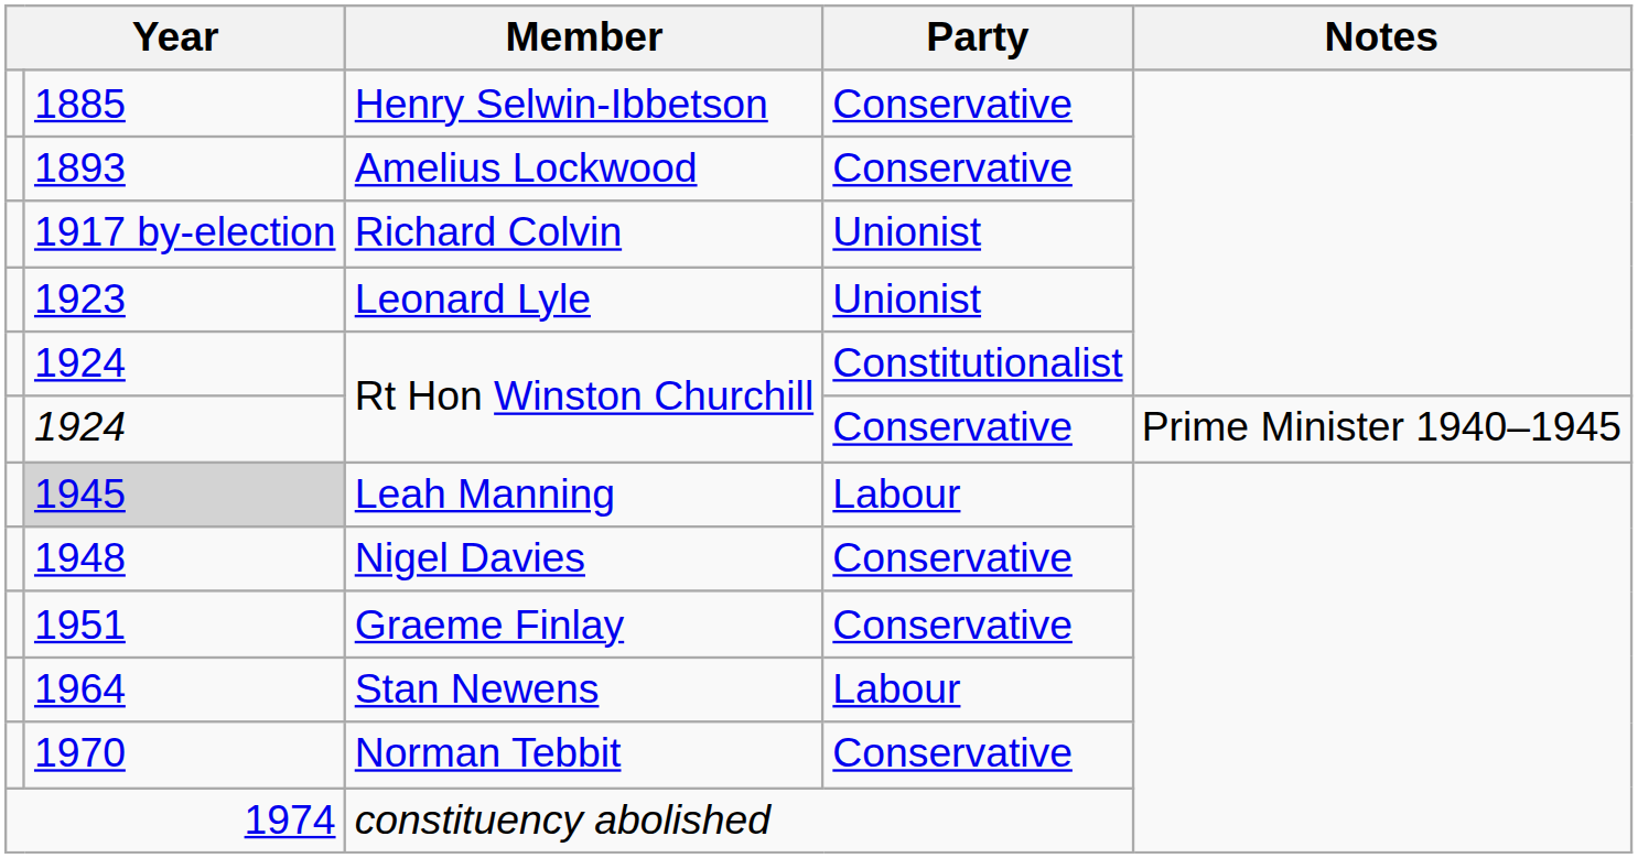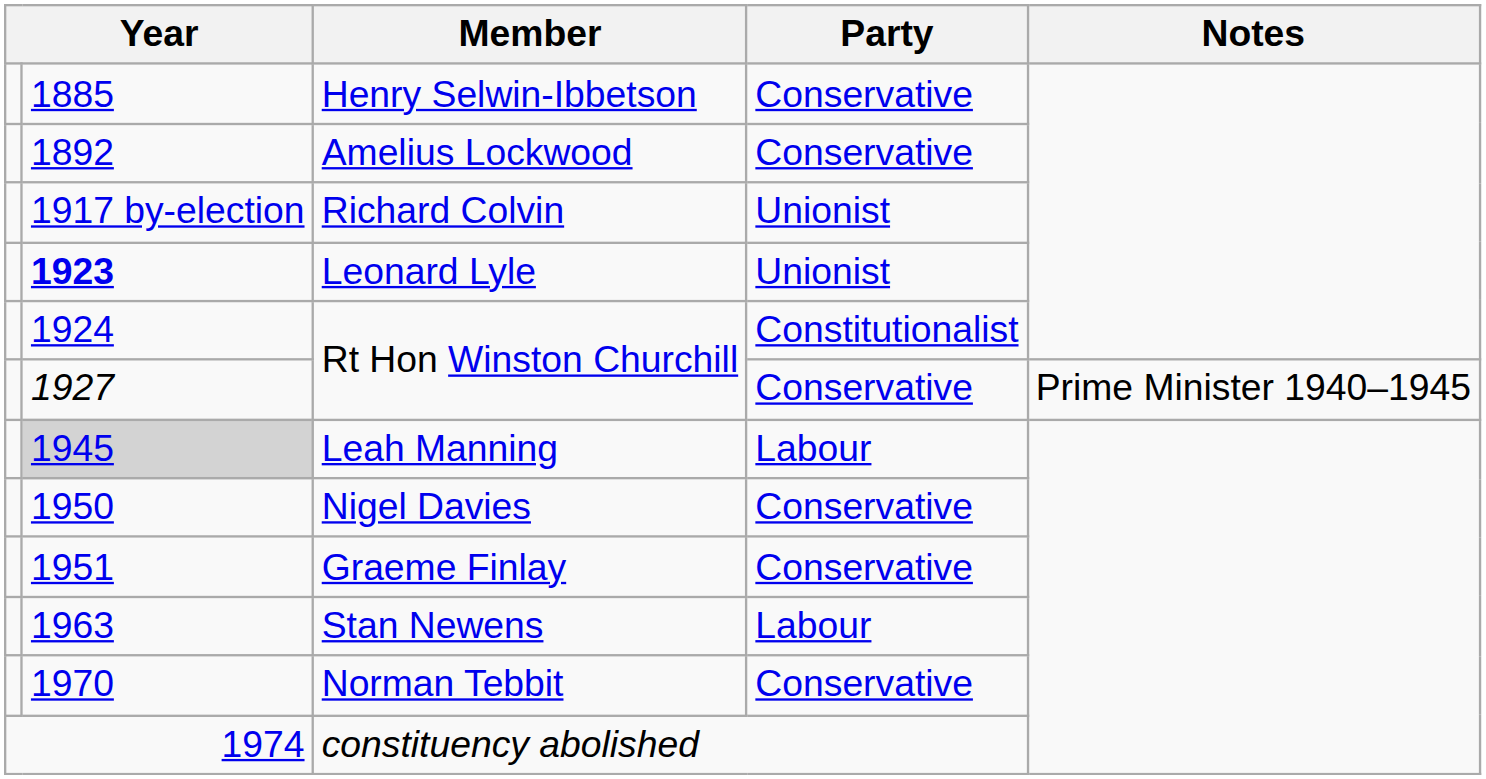 <table class="wikitable">
 <tr>
 <th colspan="2">Year</th>
 <th>Member</th>
 <th>Party</th>
 <th>Notes</th>
 </tr>
 <tr>
 <td style="color:inherit;background-color: "></td>
 <td><a href='#'>1885</a></td>
 <td><a href='#'>Henry Selwin-Ibbetson</a></td>
 <td><a href='#'>Conservative</a></td>
 </tr>
 <tr>
 <td style="color:inherit;background-color: "></td>
-<td><a href='#'>1893</a></td>
+<td><a href='#'>1892</a></td>
 <td><a href='#'>Amelius Lockwood</a></td>
 <td><a href='#'>Conservative</a></td>
 </tr>
 <tr>
 <td style="color:inherit;background-color: "></td>
 <td><a href='#'>1917 by-election</a></td>
 <td><a href='#'>Richard Colvin</a></td>
 <td><a href='#'>Unionist</a></td>
 </tr>
 <tr>
 <td style="color:inherit;background-color: "></td>
-<td><a href='#'>1923</a></td>
+<td><strong><a href='#'>1923</a></strong></td>
 <td><a href='#'>Leonard Lyle</a></td>
 <td><a href='#'>Unionist</a></td>
 </tr>
 <tr>
 <td style="color:inherit;background-color: "></td>
 <td><a href='#'>1924</a></td>
 <td rowspan="2">Rt Hon <a href='#'>Winston Churchill</a></td>
 <td><a href='#'>Constitutionalist</a></td>
 </tr>
 <tr>
 <td style="color:inherit;background-color: "></td>
-<td><em>1924</em></td>
+<td><em>1927</em></td>
 <td><a href='#'>Conservative</a></td>
 <td>Prime Minister 1940–1945</td>
 </tr>
 <tr>
 <td style="color:inherit;background-color: "></td>
 <td style="background: lightgrey;"><a href='#'>1945</a></td>
 <td><a href='#'>Leah Manning</a></td>
 <td><a href='#'>Labour</a></td>
 </tr>
 <tr>
 <td style="color:inherit;background-color: "></td>
-<td><a href='#'>1948</a></td>
+<td><a href='#'>1950</a></td>
 <td><a href='#'>Nigel Davies</a></td>
 <td><a href='#'>Conservative</a></td>
 </tr>
 <tr>
 <td style="color:inherit;background-color: "></td>
 <td><a href='#'>1951</a></td>
 <td><a href='#'>Graeme Finlay</a></td>
 <td><a href='#'>Conservative</a></td>
 </tr>
 <tr>
 <td style="color:inherit;background-color: "></td>
-<td><a href='#'>1964</a></td>
+<td><a href='#'>1963</a></td>
 <td><a href='#'>Stan Newens</a></td>
 <td><a href='#'>Labour</a></td>
 </tr>
 <tr>
 <td style="color:inherit;background-color: "></td>
 <td><a href='#'>1970</a></td>
 <td><a href='#'>Norman Tebbit</a></td>
 <td><a href='#'>Conservative</a></td>
 </tr>
 <tr>
 <td colspan="2" style="text-align:right;"><a href='#'>1974</a></td>
 <td colspan="2"><em>constituency abolished</em></td>
 </tr>
 </table>
